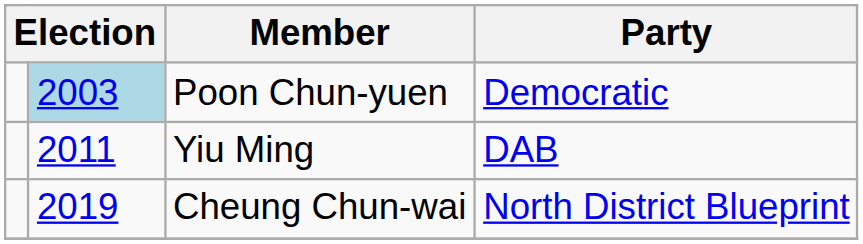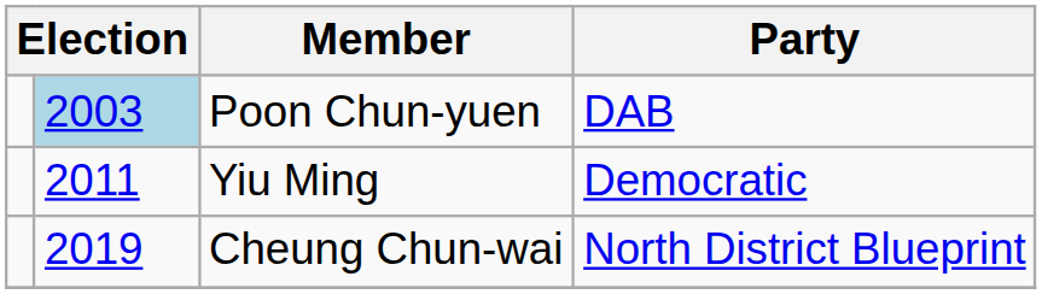 <table class="wikitable">
 <tr>
 <th colspan="2">Election</th>
 <th>Member</th>
 <th>Party</th>
 </tr>
 <tr>
 <td style="background-color:"></td>
 <td style="background: lightblue;"><a href='#'>2003</a></td>
 <td>Poon Chun-yuen</td>
-<td><a href='#'>Democratic</a></td>
+<td><a href='#'>DAB</a></td>
 </tr>
 <tr>
 <td style="background-color:"></td>
 <td><a href='#'>2011</a></td>
 <td>Yiu Ming</td>
-<td><a href='#'>DAB</a></td>
+<td><a href='#'>Democratic</a></td>
 </tr>
 <tr>
 <td style="background-color:"></td>
 <td><a href='#'>2019</a></td>
 <td>Cheung Chun-wai</td>
 <td><a href='#'>North District Blueprint</a></td>
 </tr>
 <tr>
 </tr>
 </table>
